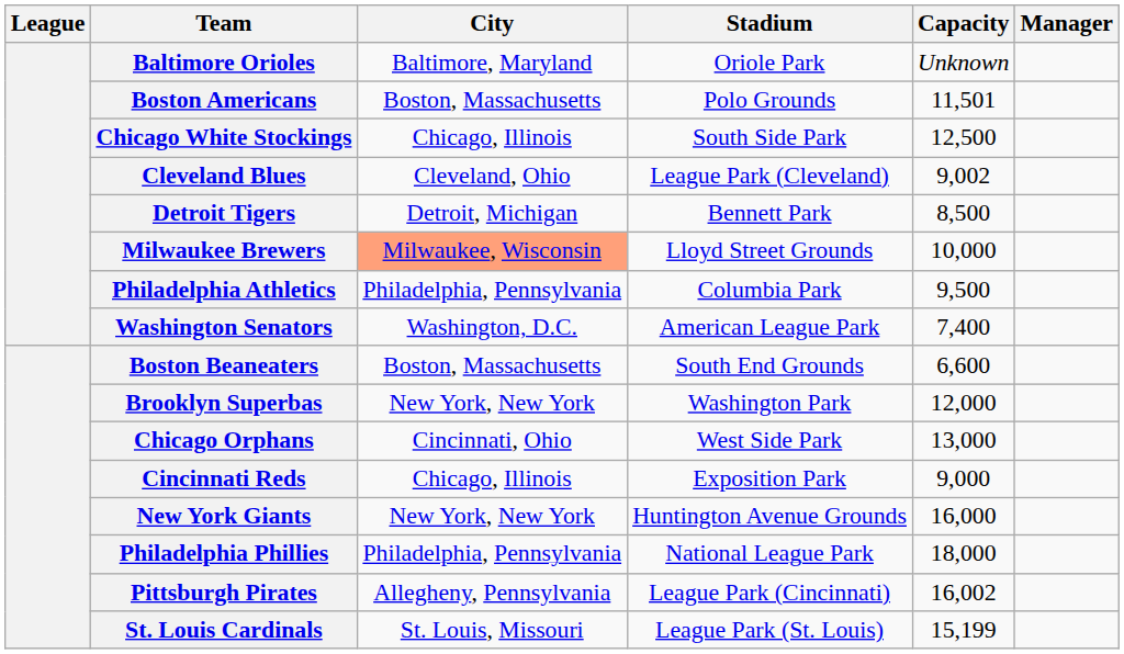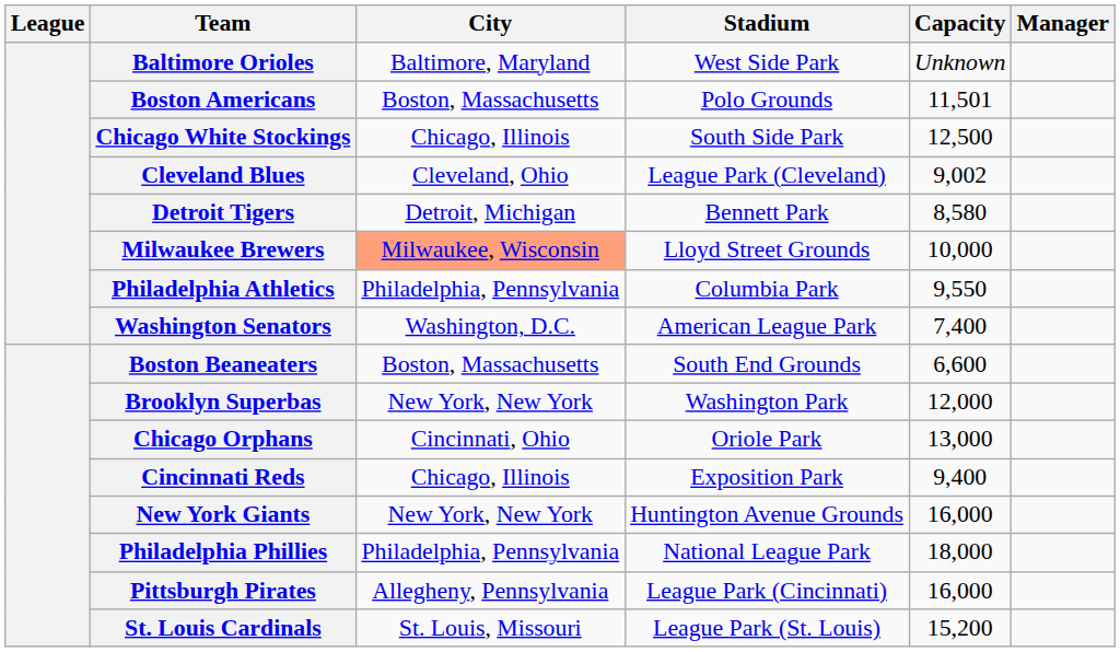 <table class="wikitable sortable plainrowheaders" style="text-align:center;">
 <tr>
 <th scope="col">League</th>
 <th scope="col">Team</th>
 <th scope="col">City</th>
 <th scope="col">Stadium</th>
 <th scope="col">Capacity</th>
 <th scope="col">Manager</th>
 </tr>
 <tr>
 <th rowspan="8"></th>
 <th scope="row"><a href='#'>Baltimore Orioles</a></th>
 <td><a href='#'>Baltimore</a>, <a href='#'>Maryland</a></td>
-<td><a href='#'>Oriole Park</a></td>
+<td><a href='#'>West Side Park</a></td>
 <td data-sort-value="0"><em>Unknown</em></td>
 <td></td>
 </tr>
 <tr>
 <th scope="row"><a href='#'>Boston Americans</a></th>
 <td><a href='#'>Boston</a>, <a href='#'>Massachusetts</a></td>
 <td><a href='#'>Polo Grounds</a></td>
 <td>11,501</td>
 <td></td>
 </tr>
 <tr>
 <th scope="row"><a href='#'>Chicago White Stockings</a></th>
 <td><a href='#'>Chicago</a>, <a href='#'>Illinois</a></td>
 <td><a href='#'>South Side Park</a></td>
 <td>12,500</td>
 <td></td>
 </tr>
 <tr>
 <th scope="row"><a href='#'>Cleveland Blues</a></th>
 <td><a href='#'>Cleveland</a>, <a href='#'>Ohio</a></td>
 <td><a href='#'>League Park (Cleveland)</a></td>
 <td>9,002</td>
 <td></td>
 </tr>
 <tr>
 <th scope="row"><a href='#'>Detroit Tigers</a></th>
 <td><a href='#'>Detroit</a>, <a href='#'>Michigan</a></td>
 <td><a href='#'>Bennett Park</a></td>
-<td>8,500</td>
+<td>8,580</td>
 <td></td>
 </tr>
 <tr>
 <th scope="row"><a href='#'>Milwaukee Brewers</a></th>
 <td style="background: lightsalmon;"><a href='#'>Milwaukee</a>, <a href='#'>Wisconsin</a></td>
 <td><a href='#'>Lloyd Street Grounds</a></td>
 <td>10,000</td>
 <td></td>
 </tr>
 <tr>
 <th scope="row"><a href='#'>Philadelphia Athletics</a></th>
 <td><a href='#'>Philadelphia</a>, <a href='#'>Pennsylvania</a></td>
 <td><a href='#'>Columbia Park</a></td>
-<td>9,500</td>
+<td>9,550</td>
 <td></td>
 </tr>
 <tr>
 <th scope="row"><a href='#'>Washington Senators</a></th>
 <td><a href='#'>Washington, D.C.</a></td>
 <td><a href='#'>American League Park</a></td>
 <td>7,400</td>
 <td></td>
 </tr>
 <tr>
 <th rowspan="8"></th>
 <th scope="row"><a href='#'>Boston Beaneaters</a></th>
 <td><a href='#'>Boston</a>, <a href='#'>Massachusetts</a></td>
 <td><a href='#'>South End Grounds</a></td>
 <td>6,600</td>
 <td></td>
 </tr>
 <tr>
 <th scope="row"><a href='#'>Brooklyn Superbas</a></th>
 <td><a href='#'>New York</a>, <a href='#'>New York</a></td>
 <td><a href='#'>Washington Park</a></td>
 <td>12,000</td>
 <td></td>
 </tr>
 <tr>
 <th scope="row"><a href='#'>Chicago Orphans</a></th>
 <td><a href='#'>Cincinnati</a>, <a href='#'>Ohio</a></td>
-<td><a href='#'>West Side Park</a></td>
+<td><a href='#'>Oriole Park</a></td>
 <td>13,000</td>
 <td></td>
 </tr>
 <tr>
 <th scope="row"><a href='#'>Cincinnati Reds</a></th>
 <td><a href='#'>Chicago</a>, <a href='#'>Illinois</a></td>
 <td><a href='#'>Exposition Park</a></td>
-<td>9,000</td>
+<td>9,400</td>
 <td></td>
 </tr>
 <tr>
 <th scope="row"><a href='#'>New York Giants</a></th>
 <td><a href='#'>New York</a>, <a href='#'>New York</a></td>
 <td><a href='#'>Huntington Avenue Grounds</a></td>
 <td>16,000</td>
 <td></td>
 </tr>
 <tr>
 <th scope="row"><a href='#'>Philadelphia Phillies</a></th>
 <td><a href='#'>Philadelphia</a>, <a href='#'>Pennsylvania</a></td>
 <td><a href='#'>National League Park</a></td>
 <td>18,000</td>
 <td></td>
 </tr>
 <tr>
 <th scope="row"><a href='#'>Pittsburgh Pirates</a></th>
 <td><a href='#'>Allegheny</a>, <a href='#'>Pennsylvania</a></td>
 <td><a href='#'>League Park (Cincinnati)</a></td>
-<td>16,002</td>
+<td>16,000</td>
 <td></td>
 </tr>
 <tr>
 <th scope="row"><a href='#'>St. Louis Cardinals</a></th>
 <td><a href='#'>St. Louis</a>, <a href='#'>Missouri</a></td>
 <td><a href='#'>League Park (St. Louis)</a></td>
-<td>15,199</td>
+<td>15,200</td>
 <td></td>
 </tr>
 </table>
